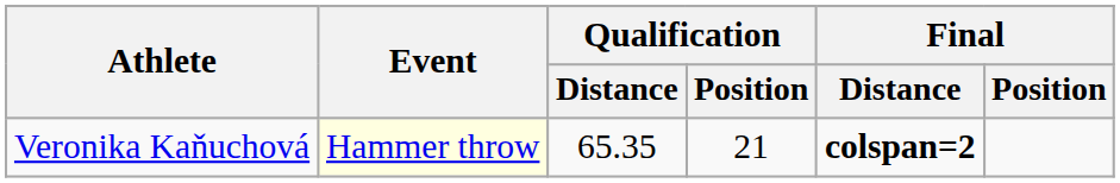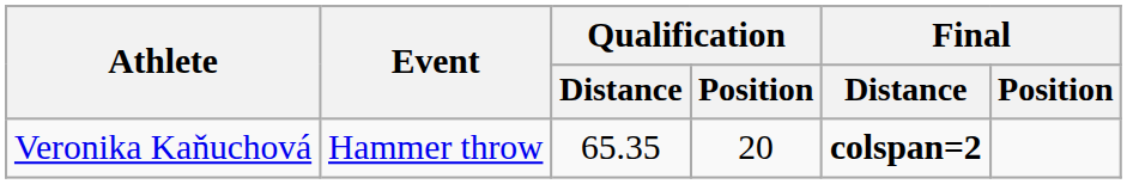 <table class="wikitable" style="font-size:90%">
 <tr>
 <th rowspan="2">Athlete</th>
 <th rowspan="2">Event</th>
 <th colspan="2">Qualification</th>
 <th colspan="2">Final</th>
 </tr>
 <tr style="font-size:95%">
 <th>Distance</th>
 <th>Position</th>
 <th>Distance</th>
 <th>Position</th>
 </tr>
 <tr align="center">
 <td align="left"><a href='#'>Veronika Kaňuchová</a></td>
-<td align="left" style="background: lightyellow;"><a href='#'>Hammer throw</a></td>
+<td align="left"><a href='#'>Hammer throw</a></td>
 <td>65.35</td>
-<td>21</td>
+<td>20</td>
 <td><strong>colspan=2 </strong></td>
 </tr>
 </table>
